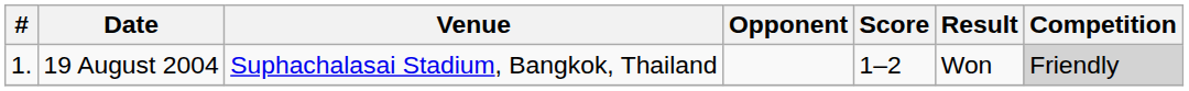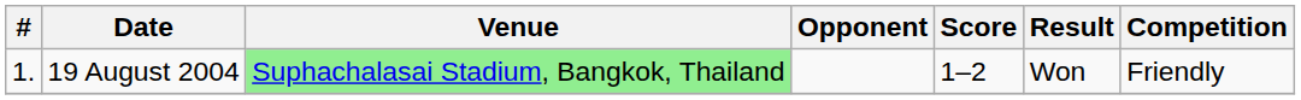 <table class="wikitable">
 <tr>
 <th>#</th>
 <th>Date</th>
 <th>Venue</th>
 <th>Opponent</th>
 <th>Score</th>
 <th>Result</th>
 <th>Competition</th>
 </tr>
 <tr>
 <td>1.</td>
 <td>19 August 2004</td>
-<td><a href='#'>Suphachalasai Stadium</a>, Bangkok, Thailand</td>
+<td style="background: lightgreen;"><a href='#'>Suphachalasai Stadium</a>, Bangkok, Thailand</td>
 <td></td>
 <td>1–2</td>
 <td>Won</td>
-<td style="background: lightgrey;">Friendly</td>
+<td>Friendly</td>
 </tr>
 <tr>
 </tr>
 </table>
